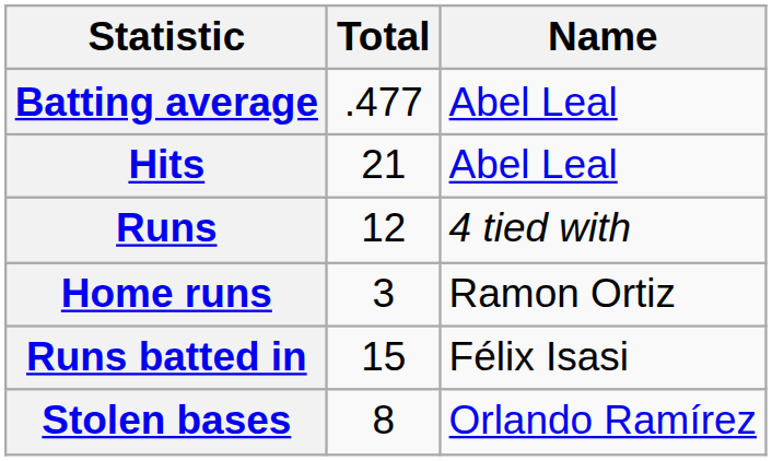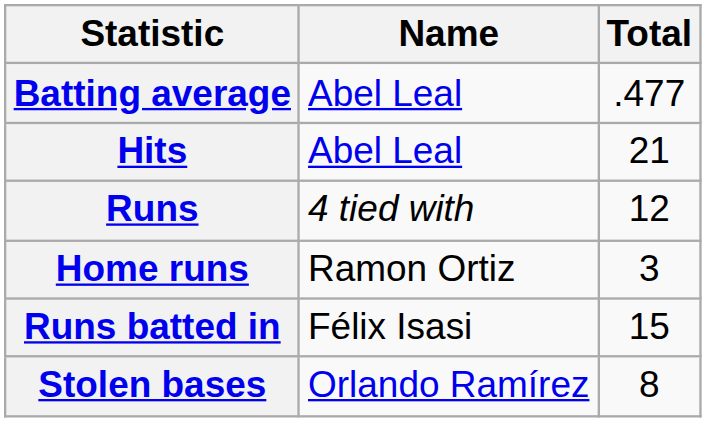 <table class="wikitable plainrowheaders">
 <tr>
 <th scope="col">Statistic</th>
+<th scope="col">Name</th>
 <th scope="col">Total</th>
-<th scope="col">Name</th>
 </tr>
 <tr>
 <th scope="row"><a href='#'>Batting average</a></th>
+<td> <a href='#'>Abel Leal</a></td>
 <td align=center>.477</td>
-<td> <a href='#'>Abel Leal</a></td>
 </tr>
 <tr>
 <th scope="row"><a href='#'>Hits</a></th>
+<td> <a href='#'>Abel Leal</a></td>
 <td align=center>21</td>
-<td> <a href='#'>Abel Leal</a></td>
 </tr>
 <tr>
 <th scope="row"><a href='#'>Runs</a></th>
+<td><em>4 tied with</em></td>
 <td align=center>12</td>
-<td><em>4 tied with</em></td>
 </tr>
 <tr>
 <th scope="row"><a href='#'>Home runs</a></th>
+<td> Ramon Ortiz</td>
 <td align=center>3</td>
-<td> Ramon Ortiz</td>
 </tr>
 <tr>
 <th scope="row"><a href='#'>Runs batted in</a></th>
+<td> Félix Isasi</td>
 <td align=center>15</td>
-<td> Félix Isasi</td>
 </tr>
 <tr>
 <th scope="row"><a href='#'>Stolen bases</a></th>
+<td> <a href='#'>Orlando Ramírez</a></td>
 <td align=center>8</td>
-<td> <a href='#'>Orlando Ramírez</a></td>
 </tr>
 </table>
